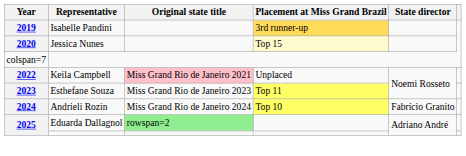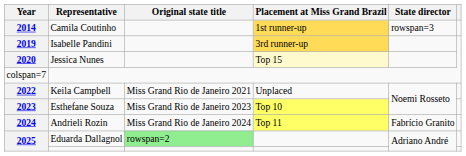 <table class="wikitable defaultcenter col2left" style="font-size:95%;">
 <tr>
 <th>Year</th>
 <th>Representative</th>
 <th>Original state title</th>
 <th>Placement at Miss Grand Brazil</th>
 <th>State director</th>
 <th></th>
+</tr>
+<tr>
+<th><a href='#'>2014</a></th>
+<td>Camila Coutinho</td>
+<td></td>
+<td bgcolor=#FFDB58>1st runner-up</td>
+<td>rowspan=3 </td>
+<td></td>
 </tr>
 <tr>
 <th><a href='#'>2019</a></th>
 <td>Isabelle Pandini</td>
 <td></td>
 <td bgcolor=#FFDB58>3rd runner-up</td>
 <td></td>
 </tr>
 <tr>
 <th><a href='#'>2020</a></th>
 <td>Jessica Nunes</td>
 <td></td>
 <td bgcolor=#FFFACD>Top 15</td>
 <td></td>
 </tr>
 <tr>
 <td>colspan=7 </td>
 </tr>
 <tr>
 <th><a href='#'>2022</a></th>
 <td>Keila Campbell</td>
-<td style="background: pink;">Miss Grand Rio de Janeiro 2021</td>
+<td>Miss Grand Rio de Janeiro 2021</td>
 <td>Unplaced</td>
 <td rowspan=2>Noemi Rosseto</td>
 <td></td>
 </tr>
 <tr>
 <th><a href='#'>2023</a></th>
 <td>Esthefane Souza</td>
 <td>Miss Grand Rio de Janeiro 2023</td>
-<td bgcolor=#FFFF66>Top 11</td>
+<td bgcolor=#FFFF66>Top 10</td>
 <td></td>
 </tr>
 <tr>
 <th><a href='#'>2024</a></th>
 <td>Andrieli Rozin</td>
 <td>Miss Grand Rio de Janeiro 2024</td>
-<td bgcolor=#FFFF66>Top 10</td>
+<td bgcolor=#FFFF66>Top 11</td>
 <td>Fabrício Granito</td>
 <td></td>
 </tr>
 <tr>
 <th rowspan=2><a href='#'>2025</a></th>
 <td>Eduarda Dallagnol</td>
 <td style="background: lightgreen;">rowspan=2 </td>
 <td></td>
 <td rowspan=2>Adriano André</td>
 <td></td>
 </tr>
 <tr>
 <td></td>
 <td></td>
 </tr>
 </table>
